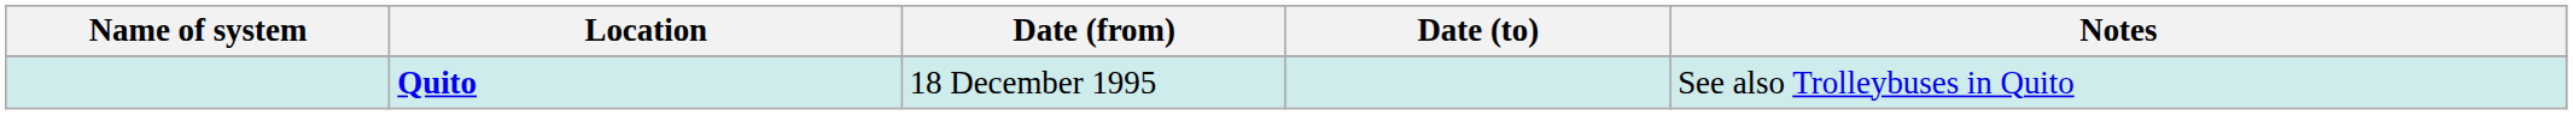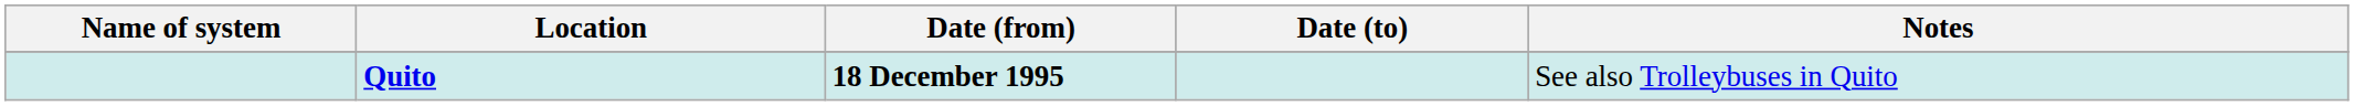 <table class="wikitable" width=100%>
 <tr>
 <th width=15%>Name of system</th>
 <th width=20%>Location</th>
 <th width=15%>Date (from)</th>
 <th width=15%>Date (to)</th>
 <th width=35%>Notes</th>
 </tr>
 <tr>
 </tr>
 <tr style="background:#CFECEC">
 <td> </td>
 <td><strong><a href='#'>Quito</a></strong></td>
-<td>18 December 1995</td>
+<td><strong>18 December 1995</strong></td>
 <td> </td>
 <td>See also <a href='#'>Trolleybuses in Quito</a></td>
 </tr>
 </table>
